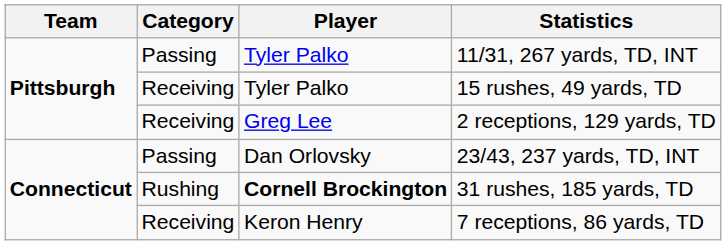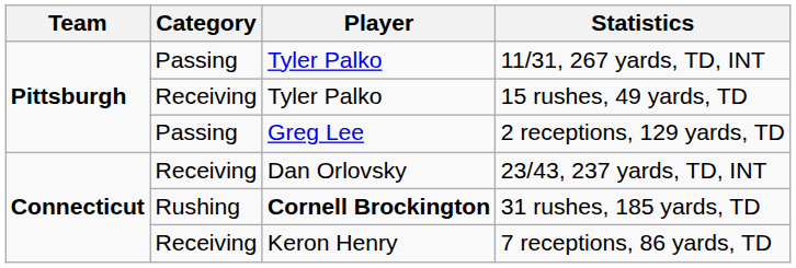 <table class="wikitable" style="float: right;">
 <tr>
 <th>Team</th>
 <th>Category</th>
 <th>Player</th>
 <th>Statistics</th>
 </tr>
 <tr>
 <td rowspan=3><strong>Pittsburgh</strong></td>
 <td>Passing</td>
 <td><a href='#'>Tyler Palko</a></td>
 <td>11/31, 267 yards, TD, INT</td>
 </tr>
 <tr>
 <td>Receiving</td>
 <td>Tyler Palko</td>
 <td>15 rushes, 49 yards, TD</td>
 </tr>
 <tr>
-<td>Receiving</td>
+<td>Passing</td>
 <td><a href='#'>Greg Lee</a></td>
 <td>2 receptions, 129 yards, TD</td>
 </tr>
 <tr>
 <td rowspan=3><strong>Connecticut</strong></td>
-<td>Passing</td>
+<td>Receiving</td>
 <td>Dan Orlovsky</td>
 <td>23/43, 237 yards, TD, INT</td>
 </tr>
 <tr>
 <td>Rushing</td>
 <td><strong>Cornell Brockington</strong></td>
 <td>31 rushes, 185 yards, TD</td>
 </tr>
 <tr>
 <td>Receiving</td>
 <td>Keron Henry</td>
 <td>7 receptions, 86 yards, TD</td>
 </tr>
 </table>
